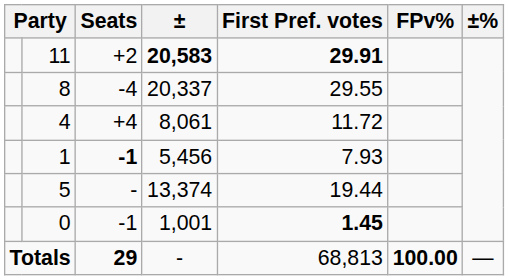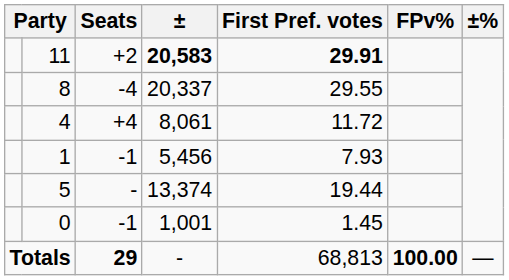 <table class=wikitable>
 <tr>
 <th colspan=2 align=center>Party</th>
 <th valign=top>Seats</th>
 <th valign=top>±</th>
 <th valign=top>First Pref. votes</th>
 <th valign=top>FPv%</th>
 <th valign=top>±%</th>
 </tr>
 <tr>
 <td></td>
 <td align=right>11</td>
 <td align=right>+2</td>
 <td align=right><strong>20,583</strong></td>
 <td align=right><strong>29.91</strong></td>
 <td align=right></td>
 </tr>
 <tr>
 <td></td>
 <td align=right>8</td>
 <td align=right>-4</td>
 <td align=right>20,337</td>
 <td align=right>29.55</td>
 <td align=right></td>
 </tr>
 <tr>
 <td></td>
 <td align=right>4</td>
 <td align=right>+4</td>
 <td align=right>8,061</td>
 <td align=right>11.72</td>
 <td align=right></td>
 </tr>
 <tr>
 <td></td>
 <td align=right>1</td>
-<td align=right><strong>-1</strong></td>
+<td align=right>-1</td>
 <td align=right>5,456</td>
 <td align=right>7.93</td>
 <td align=right></td>
 </tr>
 <tr>
 <td></td>
 <td align=right>5</td>
 <td align=right>-</td>
 <td align=right>13,374</td>
 <td align=right>19.44</td>
 <td align=right></td>
 </tr>
 <tr>
 <td></td>
 <td align=right>0</td>
 <td align=right>-1</td>
 <td align=right>1,001</td>
-<td align=right><strong>1.45</strong></td>
+<td align=right>1.45</td>
 <td align=right></td>
 </tr>
 <tr>
 <td colspan=2 align=center><strong>Totals</strong></td>
 <td align=right><strong>29</strong></td>
 <td align=center>-</td>
 <td align=right>68,813</td>
 <td align=center><strong>100.00</strong></td>
 <td align=center>—</td>
 </tr>
 </table>
